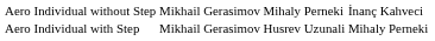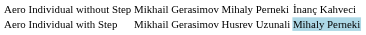 <table>
 <tr>
 <td>Aero Individual without Step</td>
 <td>Mikhail Gerasimov  </td>
 <td>Mihaly Perneki </td>
 <td>İnanç Kahveci </td>
 </tr>
 <tr>
 <td>Aero Individual with Step</td>
 <td>Mikhail Gerasimov </td>
 <td>Husrev Uzunali </td>
-<td>Mihaly Perneki </td>
+<td style="background: lightblue;">Mihaly Perneki </td>
 </tr>
 <tr>
 </tr>
 </table>
